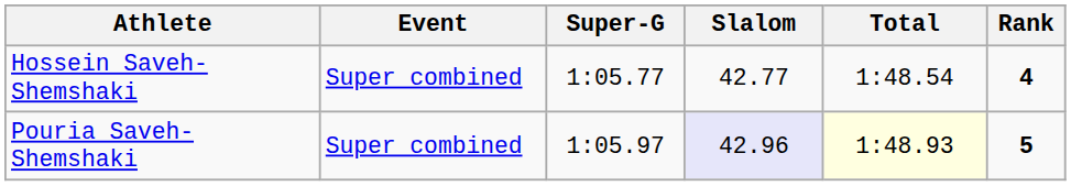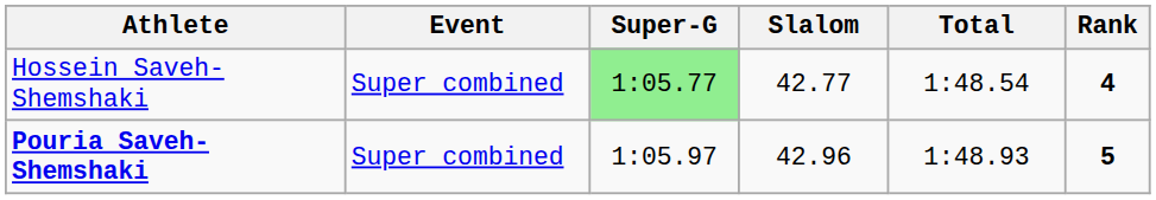 <table class="wikitable" width="60%" style="text-align:center; font-size:90%">
 <tr>
 <th width="25%">Athlete</th>
 <th width="18%">Event</th>
 <th width="11%">Super-G</th>
 <th width="11%">Slalom</th>
 <th width="13%">Total</th>
 <th width="6%">Rank</th>
 </tr>
 <tr>
 <td align="left"><a href='#'>Hossein Saveh-Shemshaki</a></td>
 <td align="left"><a href='#'>Super combined</a></td>
-<td>1:05.77</td>
+<td style="background: lightgreen;">1:05.77</td>
 <td>42.77</td>
 <td>1:48.54</td>
 <td><strong>4</strong></td>
 </tr>
 <tr>
-<td align="left"><a href='#'>Pouria Saveh-Shemshaki</a></td>
+<td align="left"><strong><a href='#'>Pouria Saveh-Shemshaki</a></strong></td>
 <td align="left"><a href='#'>Super combined</a></td>
 <td>1:05.97</td>
-<td style="background: lavender;">42.96</td>
-<td style="background: lightyellow;">1:48.93</td>
+<td>42.96</td>
+<td>1:48.93</td>
 <td><strong>5</strong></td>
 </tr>
 </table>
